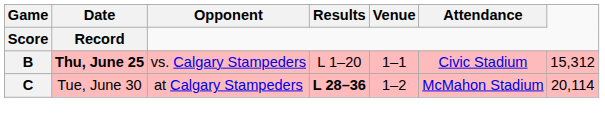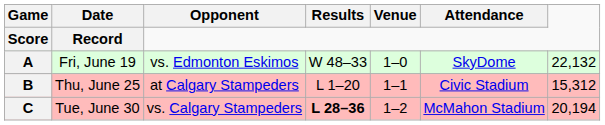 <table class="wikitable" style="text-align:center">
 <tr>
 <th>Game</th>
 <th>Date</th>
 <th>Opponent</th>
 <th>Results</th>
 <th>Venue</th>
 <th>Attendance</th>
 </tr>
 <tr>
 <th>Score</th>
 <th>Record</th>
 </tr>
+<tr style="background:#ddffdd">
+<th>A</th>
+<td>Fri, June 19</td>
+<td>vs. <a href='#'>Edmonton Eskimos</a></td>
+<td>W 48–33</td>
+<td>1–0</td>
+<td><a href='#'>SkyDome</a></td>
+<td>22,132</td>
+</tr>
 <tr style="background:#ffbbbb">
 <th>B</th>
-<td><strong>Thu, June 25</strong></td>
-<td>vs. <a href='#'>Calgary Stampeders</a></td>
+<td>Thu, June 25</td>
+<td>at <a href='#'>Calgary Stampeders</a></td>
 <td>L 1–20</td>
 <td>1–1</td>
 <td><a href='#'>Civic Stadium</a></td>
 <td>15,312</td>
 </tr>
 <tr style="background:#ffbbbb">
 <th>C</th>
 <td>Tue, June 30</td>
-<td>at <a href='#'>Calgary Stampeders</a></td>
+<td>vs. <a href='#'>Calgary Stampeders</a></td>
 <td><strong>L 28–36</strong></td>
 <td>1–2</td>
 <td><a href='#'>McMahon Stadium</a></td>
-<td>20,114</td>
+<td>20,194</td>
 </tr>
 </table>
